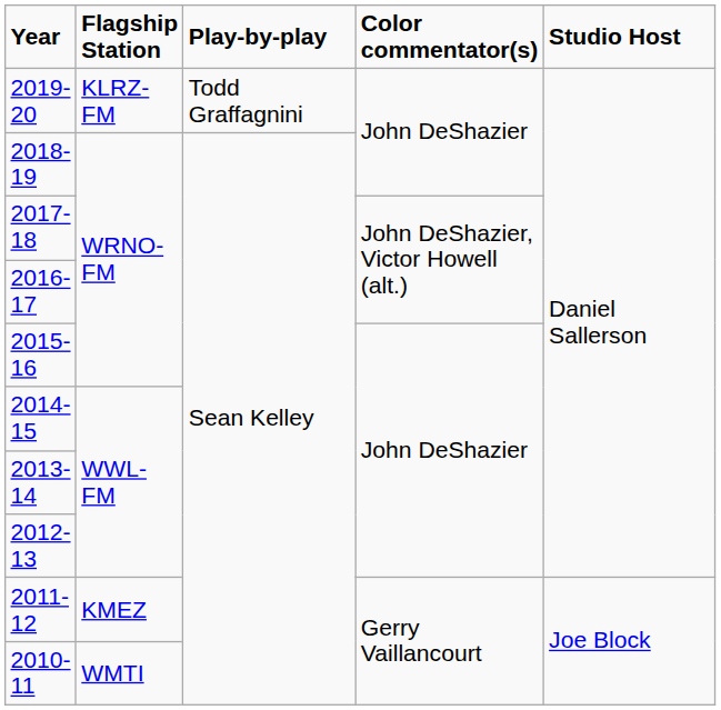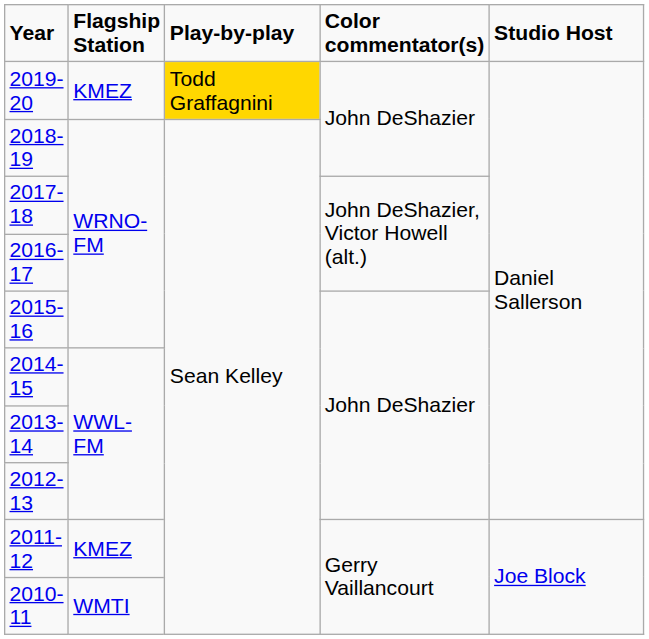 <table class="wikitable">
 <tr>
 <td width="40"><strong>Year</strong></td>
 <td width="40"><strong>Flagship Station</strong></td>
 <td width="110"><strong>Play-by-play</strong></td>
 <td width="110"><strong>Color commentator(s)</strong></td>
 <td width="110"><strong>Studio Host</strong></td>
 </tr>
 <tr>
 <td><a href='#'>2019-20</a></td>
-<td><a href='#'>KLRZ-FM</a></td>
-<td>Todd Graffagnini</td>
+<td><a href='#'>KMEZ</a></td>
+<td style="background: gold;">Todd Graffagnini</td>
 <td rowspan=2>John DeShazier</td>
 <td rowspan=8>Daniel Sallerson</td>
 </tr>
 <tr>
 <td><a href='#'>2018-19</a></td>
 <td rowspan=4><a href='#'>WRNO-FM</a></td>
 <td rowspan=9>Sean Kelley</td>
 </tr>
 <tr>
 <td><a href='#'>2017-18</a></td>
 <td rowspan=2>John DeShazier,<br>Victor Howell (alt.)</td>
 </tr>
 <tr>
 <td><a href='#'>2016-17</a></td>
 </tr>
 <tr>
 <td><a href='#'>2015-16</a></td>
 <td rowspan=4>John DeShazier</td>
 </tr>
 <tr>
 <td><a href='#'>2014-15</a></td>
 <td rowspan=3><a href='#'>WWL-FM</a></td>
 </tr>
 <tr>
 <td><a href='#'>2013-14</a></td>
 </tr>
 <tr>
 <td><a href='#'>2012-13</a></td>
 </tr>
 <tr>
 <td><a href='#'>2011-12</a></td>
 <td><a href='#'>KMEZ</a></td>
 <td rowspan=2>Gerry Vaillancourt</td>
 <td rowspan=2><a href='#'>Joe Block</a></td>
 </tr>
 <tr>
 <td><a href='#'>2010-11</a></td>
 <td><a href='#'>WMTI</a></td>
 </tr>
 </table>
